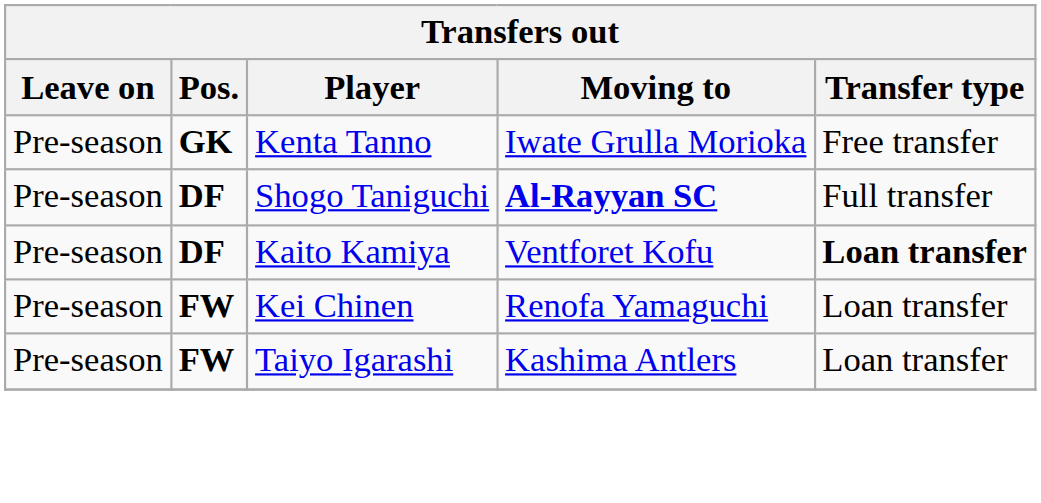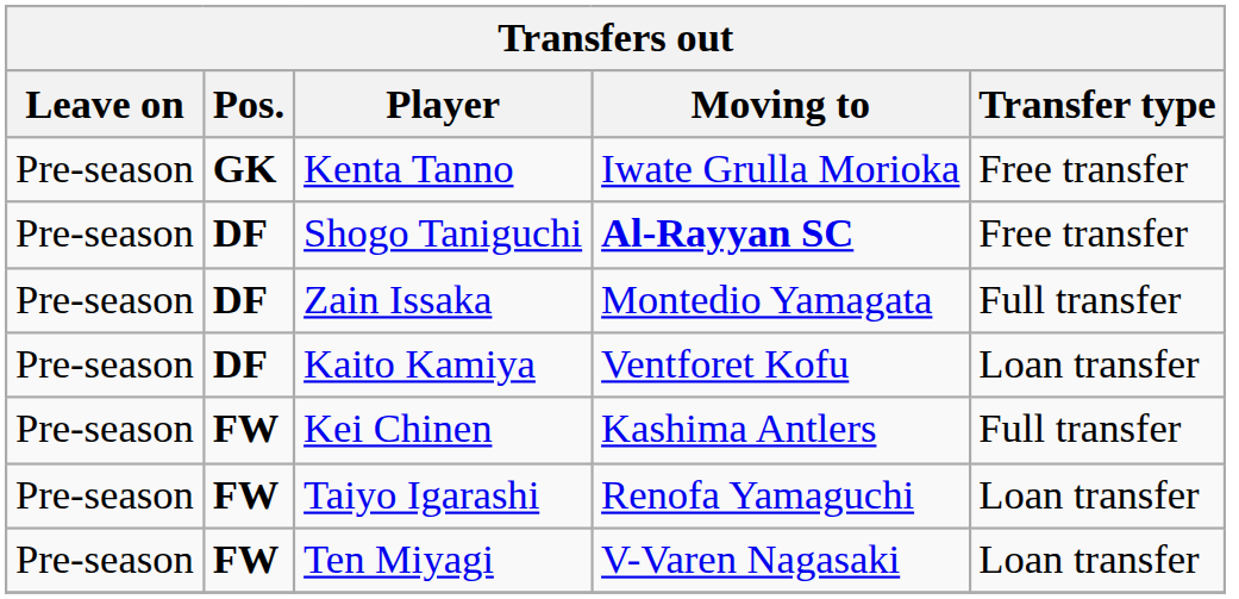 <table class="wikitable sortable" style=“text-align:left;>
 <tr>
 <th colspan="5">Transfers out</th>
 </tr>
 <tr>
 <th>Leave on</th>
 <th>Pos.</th>
 <th>Player</th>
 <th>Moving to</th>
 <th>Transfer type</th>
 </tr>
 <tr>
 <td>Pre-season</td>
 <td><strong>GK</strong></td>
 <td> <a href='#'>Kenta Tanno</a></td>
 <td> <a href='#'>Iwate Grulla Morioka</a></td>
 <td>Free transfer</td>
 </tr>
 <tr>
 <td>Pre-season</td>
 <td><strong>DF</strong></td>
 <td> <a href='#'>Shogo Taniguchi</a></td>
 <td><strong> <a href='#'>Al-Rayyan SC</a></strong></td>
+<td>Free transfer</td>
+</tr>
+<tr>
+<td>Pre-season</td>
+<td><strong>DF</strong></td>
+<td> <a href='#'>Zain Issaka</a></td>
+<td> <a href='#'>Montedio Yamagata</a></td>
 <td>Full transfer</td>
 </tr>
 <tr>
 <td>Pre-season</td>
 <td><strong>DF</strong></td>
 <td> <a href='#'>Kaito Kamiya</a></td>
 <td> <a href='#'>Ventforet Kofu</a></td>
-<td><strong>Loan transfer</strong></td>
+<td>Loan transfer</td>
 </tr>
 <tr>
 <td>Pre-season</td>
 <td><strong>FW</strong></td>
 <td> <a href='#'>Kei Chinen</a></td>
+<td> <a href='#'>Kashima Antlers</a></td>
+<td>Full transfer</td>
+</tr>
+<tr>
+<td>Pre-season</td>
+<td><strong>FW</strong></td>
+<td> <a href='#'>Taiyo Igarashi</a></td>
 <td> <a href='#'>Renofa Yamaguchi</a></td>
 <td>Loan transfer</td>
 </tr>
 <tr>
 <td>Pre-season</td>
 <td><strong>FW</strong></td>
-<td> <a href='#'>Taiyo Igarashi</a></td>
-<td> <a href='#'>Kashima Antlers</a></td>
+<td> <a href='#'>Ten Miyagi</a></td>
+<td> <a href='#'>V-Varen Nagasaki</a></td>
 <td>Loan transfer</td>
 </tr>
 <tr>
 </tr>
 </table>
